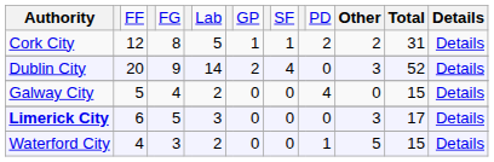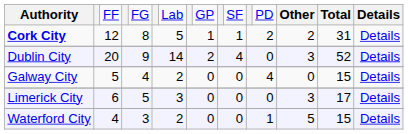 <table class="wikitable" style="text-align:right; padding-left:1em">
 <tr>
 <th align="left">Authority</th>
 <th style="background-color: "></th>
 <td><a href='#'>FF</a></td>
 <th style="background-color: "></th>
 <td><a href='#'>FG</a></td>
 <th style="background-color: "></th>
 <td><a href='#'>Lab</a></td>
 <th style="background-color: "></th>
 <td><a href='#'>GP</a></td>
 <th style="background-color: "></th>
 <td><a href='#'>SF</a></td>
 <th style="background-color: "></th>
 <td><a href='#'>PD</a></td>
 <th>Other</th>
 <th align="left">Total</th>
 <th>Details</th>
 </tr>
 <tr>
-<td align="left"><a href='#'>Cork City</a></td>
+<td align="left"><strong><a href='#'>Cork City</a></strong></td>
 <td colspan="2">12</td>
 <td colspan="2">8</td>
 <td colspan="2">5</td>
 <td colspan="2">1</td>
 <td colspan="2">1</td>
 <td colspan="2">2</td>
 <td>2</td>
 <td>31</td>
 <td><a href='#'>Details</a></td>
 </tr>
 <tr>
 </tr>
 <tr bgcolor="F3F3FF">
 <td align="left"><a href='#'>Dublin City</a></td>
 <td colspan="2">20</td>
 <td colspan="2">9</td>
 <td colspan="2">14</td>
 <td colspan="2">2</td>
 <td colspan="2">4</td>
 <td colspan="2">0</td>
 <td>3</td>
 <td>52</td>
 <td><a href='#'>Details</a></td>
 </tr>
 <tr>
 </tr>
 <tr>
 <td align="left"><a href='#'>Galway City</a></td>
 <td colspan="2">5</td>
 <td colspan="2">4</td>
 <td colspan="2">2</td>
 <td colspan="2">0</td>
 <td colspan="2">0</td>
 <td colspan="2">4</td>
 <td>0</td>
 <td>15</td>
 <td><a href='#'>Details</a></td>
 </tr>
 <tr>
 </tr>
 <tr bgcolor="F3F3FF">
-<td align="left"><strong><a href='#'>Limerick City</a></strong></td>
+<td align="left"><a href='#'>Limerick City</a></td>
 <td colspan="2">6</td>
 <td colspan="2">5</td>
 <td colspan="2">3</td>
 <td colspan="2">0</td>
 <td colspan="2">0</td>
 <td colspan="2">0</td>
 <td>3</td>
 <td>17</td>
 <td><a href='#'>Details</a></td>
 </tr>
 <tr>
 </tr>
 <tr bgcolor="F3F3FF">
 <td align="left"><a href='#'>Waterford City</a></td>
 <td colspan="2">4</td>
 <td colspan="2">3</td>
 <td colspan="2">2</td>
 <td colspan="2">0</td>
 <td colspan="2">0</td>
 <td colspan="2">1</td>
 <td>5</td>
 <td>15</td>
 <td><a href='#'>Details</a></td>
 </tr>
 </table>
